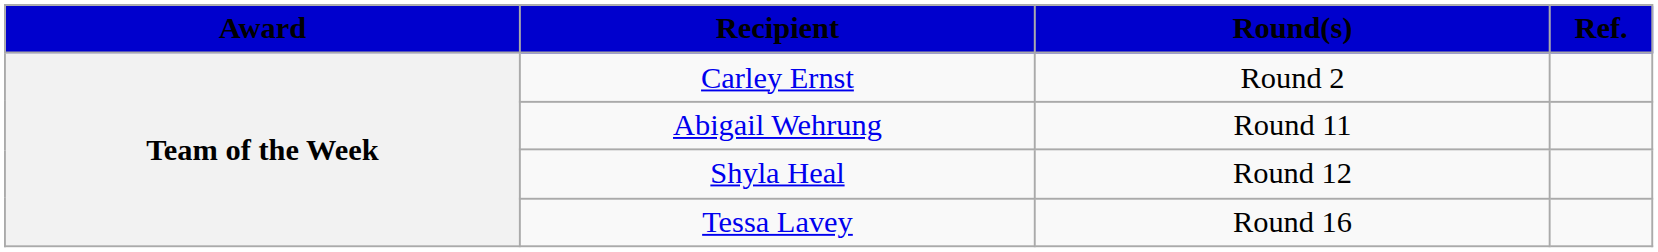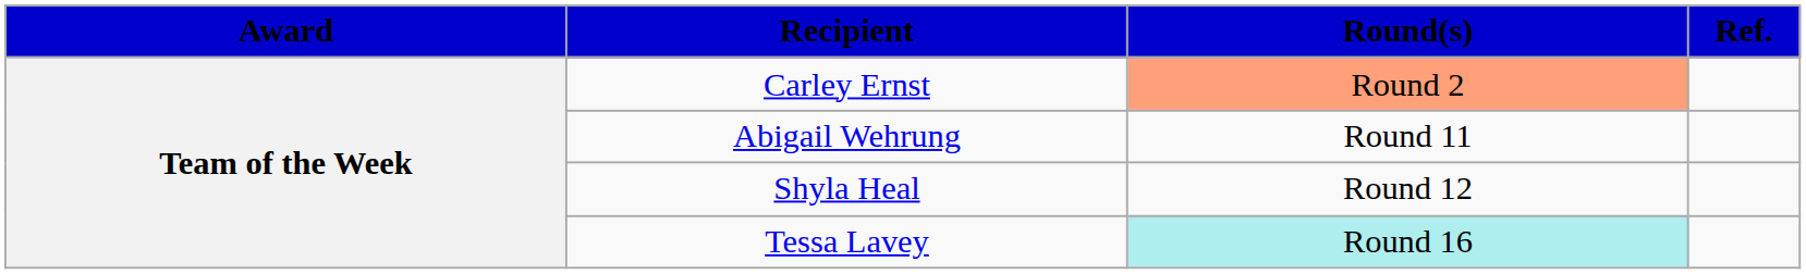 <table class="wikitable sortable sortable" style="text-align: center">
 <tr>
 <th style="background: #0000CD" width="10%"><span>Award</span></th>
 <th style="background: #0000CD" width="10%"><span>Recipient</span></th>
 <th style="background: #0000CD" width="10%"><span>Round(s)</span></th>
 <th style="background: #0000CD" width="1%" class="unsortable"><span>Ref.</span></th>
 </tr>
 <tr>
 <th rowspan=4>Team of the Week</th>
 <td><a href='#'>Carley Ernst</a></td>
-<td>Round 2</td>
+<td style="background: lightsalmon;">Round 2</td>
 <td></td>
 </tr>
 <tr>
 <td><a href='#'>Abigail Wehrung</a></td>
 <td>Round 11</td>
 <td></td>
 </tr>
 <tr>
 <td><a href='#'>Shyla Heal</a></td>
 <td>Round 12</td>
 <td></td>
 </tr>
 <tr>
 <td><a href='#'>Tessa Lavey</a></td>
-<td>Round 16</td>
+<td style="background: paleturquoise;">Round 16</td>
 <td></td>
 </tr>
 </table>
